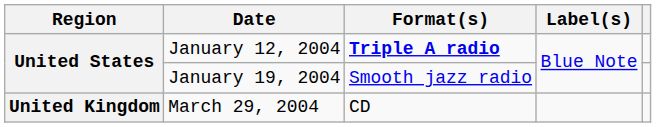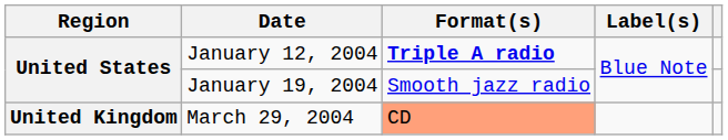 <table class="wikitable plainrowheaders">
 <tr>
 <th scope="col">Region</th>
 <th scope="col">Date</th>
 <th scope="col">Format(s)</th>
 <th scope="col">Label(s)</th>
 <th scope="col"></th>
 </tr>
 <tr>
 <th scope="row" rowspan="2">United States</th>
 <td>January 12, 2004</td>
 <td><strong><a href='#'>Triple A radio</a></strong></td>
 <td rowspan="2"><a href='#'>Blue Note</a></td>
 <td></td>
 </tr>
 <tr>
 <td>January 19, 2004</td>
 <td><a href='#'>Smooth jazz radio</a></td>
 <td></td>
 </tr>
 <tr>
 <th scope="row">United Kingdom</th>
 <td>March 29, 2004</td>
-<td>CD</td>
+<td style="background: lightsalmon;">CD</td>
 <td></td>
 <td></td>
 </tr>
 </table>
